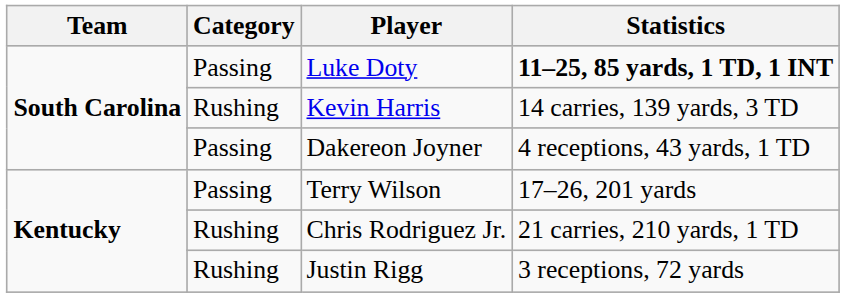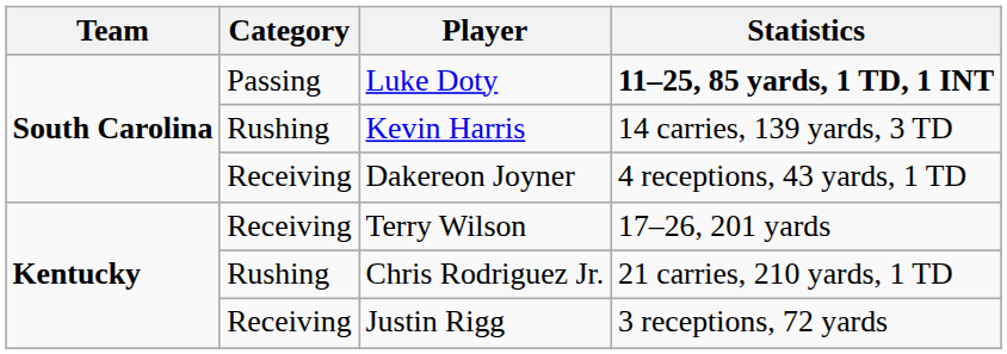 <table class="wikitable" style="float: right;">
 <tr>
 <th>Team</th>
 <th>Category</th>
 <th>Player</th>
 <th>Statistics</th>
 </tr>
 <tr>
 <td rowspan=3><strong>South Carolina</strong></td>
 <td>Passing</td>
 <td><a href='#'>Luke Doty</a></td>
 <td><strong>11–25, 85 yards, 1 TD, 1 INT</strong></td>
 </tr>
 <tr>
 <td>Rushing</td>
 <td><a href='#'>Kevin Harris</a></td>
 <td>14 carries, 139 yards, 3 TD</td>
 </tr>
 <tr>
-<td>Passing</td>
+<td>Receiving</td>
 <td>Dakereon Joyner</td>
 <td>4 receptions, 43 yards, 1 TD</td>
 </tr>
 <tr>
 <td rowspan=3><strong>Kentucky</strong></td>
-<td>Passing</td>
+<td>Receiving</td>
 <td>Terry Wilson</td>
 <td>17–26, 201 yards</td>
 </tr>
 <tr>
 <td>Rushing</td>
 <td>Chris Rodriguez Jr.</td>
 <td>21 carries, 210 yards, 1 TD</td>
 </tr>
 <tr>
-<td>Rushing</td>
+<td>Receiving</td>
 <td>Justin Rigg</td>
 <td>3 receptions, 72 yards</td>
 </tr>
 </table>
